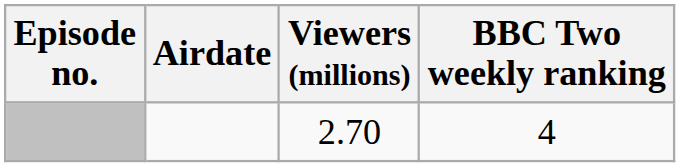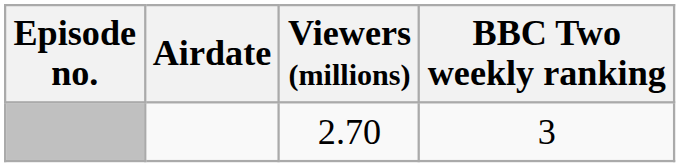 <table class="wikitable" style="text-align:center;">
 <tr>
 <th scope="col">Episode<br>no.</th>
 <th scope="col">Airdate</th>
 <th scope="col">Viewers<br><small>(millions)</small></th>
 <th scope="col">BBC Two<br>weekly ranking</th>
 </tr>
 <tr>
 <th scope="row" style="background:silver;"></th>
 <td></td>
 <td>2.70</td>
-<td>4</td>
+<td>3</td>
 </tr>
 </table>
